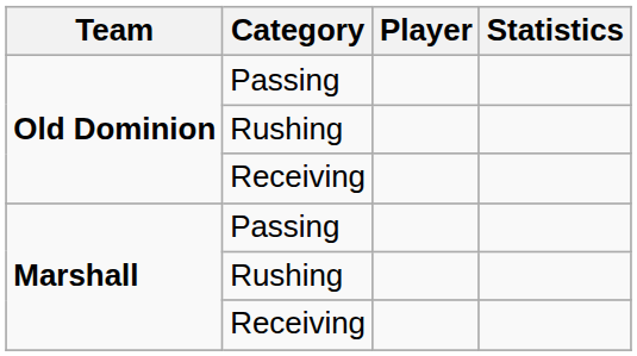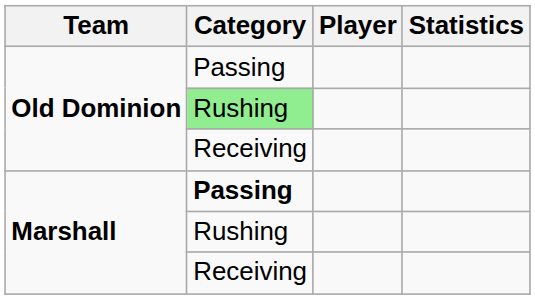 <table class="wikitable" style="float: right;">
 <tr>
 <th>Team</th>
 <th>Category</th>
 <th>Player</th>
 <th>Statistics</th>
 </tr>
 <tr>
 <td rowspan=3><strong>Old Dominion</strong></td>
 <td>Passing</td>
 <td></td>
 <td></td>
 </tr>
 <tr>
-<td>Rushing</td>
+<td style="background: lightgreen;">Rushing</td>
 <td></td>
 <td></td>
 </tr>
 <tr>
 <td>Receiving</td>
 <td></td>
 <td></td>
 </tr>
 <tr>
 <td rowspan=3><strong>Marshall</strong></td>
-<td>Passing</td>
+<td><strong>Passing</strong></td>
 <td></td>
 <td></td>
 </tr>
 <tr>
 <td>Rushing</td>
 <td></td>
 <td></td>
 </tr>
 <tr>
 <td>Receiving</td>
 <td></td>
 <td></td>
 </tr>
 </table>
